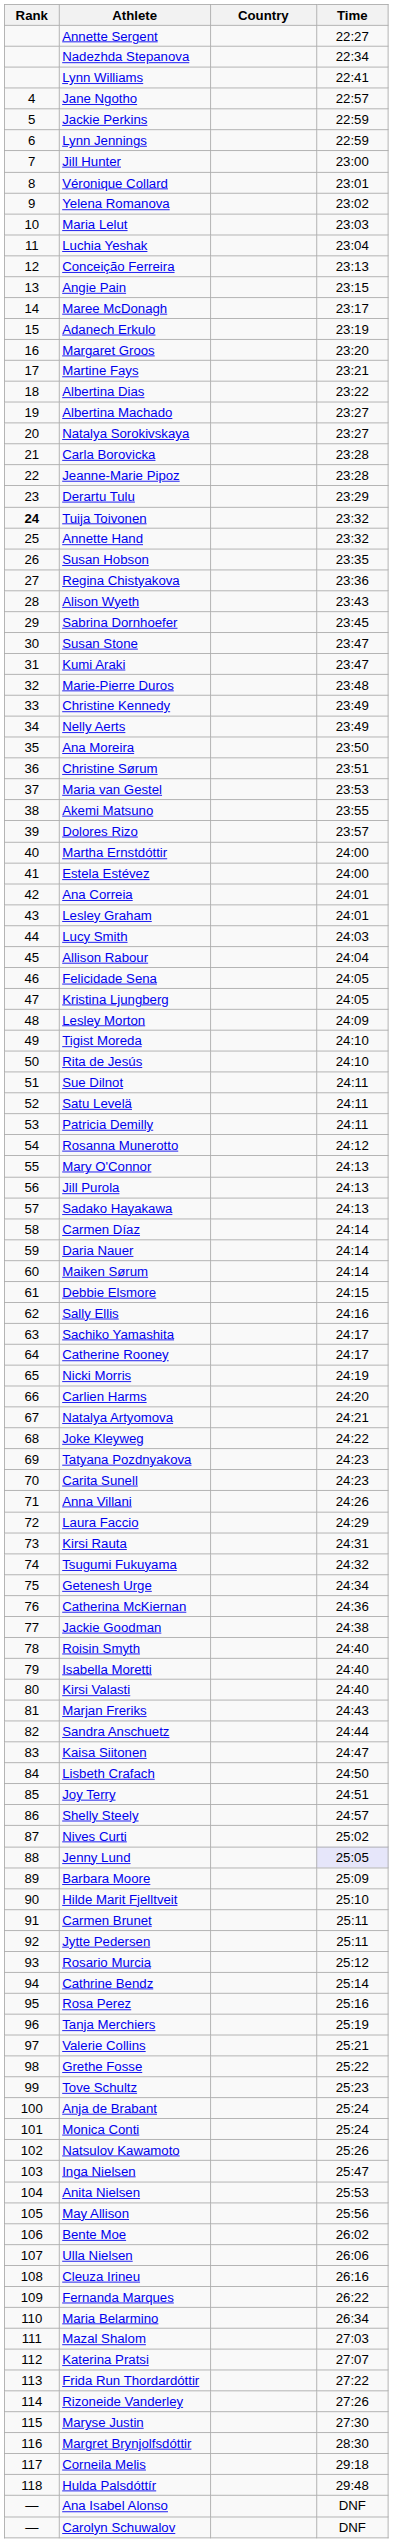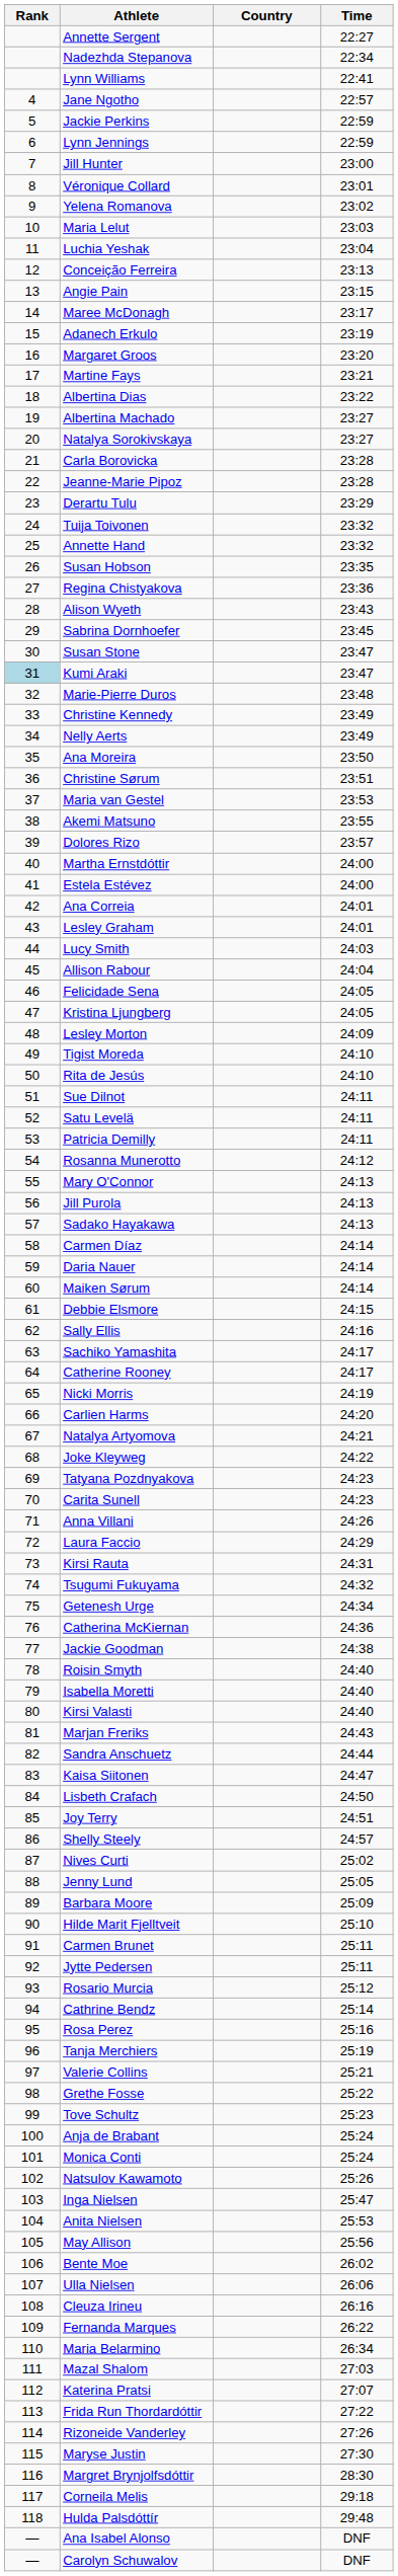 <table class="wikitable sortable" style=" text-align:center; font-size:95%;" width="50%">
 <tr>
 <th width=5%>Rank</th>
 <th width=20%>Athlete</th>
 <th width=15%>Country</th>
 <th width=10%>Time</th>
 </tr>
 <tr>
 <td align=center></td>
 <td align=left><a href='#'>Annette Sergent</a></td>
 <td align=left></td>
 <td>22:27</td>
 </tr>
 <tr>
 <td align=center></td>
 <td align=left><a href='#'>Nadezhda Stepanova</a></td>
 <td align=left></td>
 <td>22:34</td>
 </tr>
 <tr>
 <td align=center></td>
 <td align=left><a href='#'>Lynn Williams</a></td>
 <td align=left></td>
 <td>22:41</td>
 </tr>
 <tr>
 <td align=center>4</td>
 <td align=left><a href='#'>Jane Ngotho</a></td>
 <td align=left></td>
 <td>22:57</td>
 </tr>
 <tr>
 <td align=center>5</td>
 <td align=left><a href='#'>Jackie Perkins</a></td>
 <td align=left></td>
 <td>22:59</td>
 </tr>
 <tr>
 <td align=center>6</td>
 <td align=left><a href='#'>Lynn Jennings</a></td>
 <td align=left></td>
 <td>22:59</td>
 </tr>
 <tr>
 <td align=center>7</td>
 <td align=left><a href='#'>Jill Hunter</a></td>
 <td align=left></td>
 <td>23:00</td>
 </tr>
 <tr>
 <td align=center>8</td>
 <td align=left><a href='#'>Véronique Collard</a></td>
 <td align=left></td>
 <td>23:01</td>
 </tr>
 <tr>
 <td align=center>9</td>
 <td align=left><a href='#'>Yelena Romanova</a></td>
 <td align=left></td>
 <td>23:02</td>
 </tr>
 <tr>
 <td align=center>10</td>
 <td align=left><a href='#'>Maria Lelut</a></td>
 <td align=left></td>
 <td>23:03</td>
 </tr>
 <tr>
 <td align=center>11</td>
 <td align=left><a href='#'>Luchia Yeshak</a></td>
 <td align=left></td>
 <td>23:04</td>
 </tr>
 <tr>
 <td align=center>12</td>
 <td align=left><a href='#'>Conceição Ferreira</a></td>
 <td align=left></td>
 <td>23:13</td>
 </tr>
 <tr>
 <td align=center>13</td>
 <td align=left><a href='#'>Angie Pain</a></td>
 <td align=left></td>
 <td>23:15</td>
 </tr>
 <tr>
 <td align=center>14</td>
 <td align=left><a href='#'>Maree McDonagh</a></td>
 <td align=left></td>
 <td>23:17</td>
 </tr>
 <tr>
 <td align=center>15</td>
 <td align=left><a href='#'>Adanech Erkulo</a></td>
 <td align=left></td>
 <td>23:19</td>
 </tr>
 <tr>
 <td align=center>16</td>
 <td align=left><a href='#'>Margaret Groos</a></td>
 <td align=left></td>
 <td>23:20</td>
 </tr>
 <tr>
 <td align=center>17</td>
 <td align=left><a href='#'>Martine Fays</a></td>
 <td align=left></td>
 <td>23:21</td>
 </tr>
 <tr>
 <td align=center>18</td>
 <td align=left><a href='#'>Albertina Dias</a></td>
 <td align=left></td>
 <td>23:22</td>
 </tr>
 <tr>
 <td align=center>19</td>
 <td align=left><a href='#'>Albertina Machado</a></td>
 <td align=left></td>
 <td>23:27</td>
 </tr>
 <tr>
 <td align=center>20</td>
 <td align=left><a href='#'>Natalya Sorokivskaya</a></td>
 <td align=left></td>
 <td>23:27</td>
 </tr>
 <tr>
 <td align=center>21</td>
 <td align=left><a href='#'>Carla Borovicka</a></td>
 <td align=left></td>
 <td>23:28</td>
 </tr>
 <tr>
 <td align=center>22</td>
 <td align=left><a href='#'>Jeanne-Marie Pipoz</a></td>
 <td align=left></td>
 <td>23:28</td>
 </tr>
 <tr>
 <td align=center>23</td>
 <td align=left><a href='#'>Derartu Tulu</a></td>
 <td align=left></td>
 <td>23:29</td>
 </tr>
 <tr>
-<td align=center><strong>24</strong></td>
+<td align=center>24</td>
 <td align=left><a href='#'>Tuija Toivonen</a></td>
 <td align=left></td>
 <td>23:32</td>
 </tr>
 <tr>
 <td align=center>25</td>
 <td align=left><a href='#'>Annette Hand</a></td>
 <td align=left></td>
 <td>23:32</td>
 </tr>
 <tr>
 <td align=center>26</td>
 <td align=left><a href='#'>Susan Hobson</a></td>
 <td align=left></td>
 <td>23:35</td>
 </tr>
 <tr>
 <td align=center>27</td>
 <td align=left><a href='#'>Regina Chistyakova</a></td>
 <td align=left></td>
 <td>23:36</td>
 </tr>
 <tr>
 <td align=center>28</td>
 <td align=left><a href='#'>Alison Wyeth</a></td>
 <td align=left></td>
 <td>23:43</td>
 </tr>
 <tr>
 <td align=center>29</td>
 <td align=left><a href='#'>Sabrina Dornhoefer</a></td>
 <td align=left></td>
 <td>23:45</td>
 </tr>
 <tr>
 <td align=center>30</td>
 <td align=left><a href='#'>Susan Stone</a></td>
 <td align=left></td>
 <td>23:47</td>
 </tr>
 <tr>
-<td align=center>31</td>
+<td align=center style="background: lightblue;">31</td>
 <td align=left><a href='#'>Kumi Araki</a></td>
 <td align=left></td>
 <td>23:47</td>
 </tr>
 <tr>
 <td align=center>32</td>
 <td align=left><a href='#'>Marie-Pierre Duros</a></td>
 <td align=left></td>
 <td>23:48</td>
 </tr>
 <tr>
 <td align=center>33</td>
 <td align=left><a href='#'>Christine Kennedy</a></td>
 <td align=left></td>
 <td>23:49</td>
 </tr>
 <tr>
 <td align=center>34</td>
 <td align=left><a href='#'>Nelly Aerts</a></td>
 <td align=left></td>
 <td>23:49</td>
 </tr>
 <tr>
 <td align=center>35</td>
 <td align=left><a href='#'>Ana Moreira</a></td>
 <td align=left></td>
 <td>23:50</td>
 </tr>
 <tr>
 <td align=center>36</td>
 <td align=left><a href='#'>Christine Sørum</a></td>
 <td align=left></td>
 <td>23:51</td>
 </tr>
 <tr>
 <td align=center>37</td>
 <td align=left><a href='#'>Maria van Gestel</a></td>
 <td align=left></td>
 <td>23:53</td>
 </tr>
 <tr>
 <td align=center>38</td>
 <td align=left><a href='#'>Akemi Matsuno</a></td>
 <td align=left></td>
 <td>23:55</td>
 </tr>
 <tr>
 <td align=center>39</td>
 <td align=left><a href='#'>Dolores Rizo</a></td>
 <td align=left></td>
 <td>23:57</td>
 </tr>
 <tr>
 <td align=center>40</td>
 <td align=left><a href='#'>Martha Ernstdóttir</a></td>
 <td align=left></td>
 <td>24:00</td>
 </tr>
 <tr>
 <td align=center>41</td>
 <td align=left><a href='#'>Estela Estévez</a></td>
 <td align=left></td>
 <td>24:00</td>
 </tr>
 <tr>
 <td align=center>42</td>
 <td align=left><a href='#'>Ana Correia</a></td>
 <td align=left></td>
 <td>24:01</td>
 </tr>
 <tr>
 <td align=center>43</td>
 <td align=left><a href='#'>Lesley Graham</a></td>
 <td align=left></td>
 <td>24:01</td>
 </tr>
 <tr>
 <td align=center>44</td>
 <td align=left><a href='#'>Lucy Smith</a></td>
 <td align=left></td>
 <td>24:03</td>
 </tr>
 <tr>
 <td align=center>45</td>
 <td align=left><a href='#'>Allison Rabour</a></td>
 <td align=left></td>
 <td>24:04</td>
 </tr>
 <tr>
 <td align=center>46</td>
 <td align=left><a href='#'>Felicidade Sena</a></td>
 <td align=left></td>
 <td>24:05</td>
 </tr>
 <tr>
 <td align=center>47</td>
 <td align=left><a href='#'>Kristina Ljungberg</a></td>
 <td align=left></td>
 <td>24:05</td>
 </tr>
 <tr>
 <td align=center>48</td>
 <td align=left><a href='#'>Lesley Morton</a></td>
 <td align=left></td>
 <td>24:09</td>
 </tr>
 <tr>
 <td align=center>49</td>
 <td align=left><a href='#'>Tigist Moreda</a></td>
 <td align=left></td>
 <td>24:10</td>
 </tr>
 <tr>
 <td align=center>50</td>
 <td align=left><a href='#'>Rita de Jesús</a></td>
 <td align=left></td>
 <td>24:10</td>
 </tr>
 <tr>
 <td align=center>51</td>
 <td align=left><a href='#'>Sue Dilnot</a></td>
 <td align=left></td>
 <td>24:11</td>
 </tr>
 <tr>
 <td align=center>52</td>
 <td align=left><a href='#'>Satu Levelä</a></td>
 <td align=left></td>
 <td>24:11</td>
 </tr>
 <tr>
 <td align=center>53</td>
 <td align=left><a href='#'>Patricia Demilly</a></td>
 <td align=left></td>
 <td>24:11</td>
 </tr>
 <tr>
 <td align=center>54</td>
 <td align=left><a href='#'>Rosanna Munerotto</a></td>
 <td align=left></td>
 <td>24:12</td>
 </tr>
 <tr>
 <td align=center>55</td>
 <td align=left><a href='#'>Mary O'Connor</a></td>
 <td align=left></td>
 <td>24:13</td>
 </tr>
 <tr>
 <td align=center>56</td>
 <td align=left><a href='#'>Jill Purola</a></td>
 <td align=left></td>
 <td>24:13</td>
 </tr>
 <tr>
 <td align=center>57</td>
 <td align=left><a href='#'>Sadako Hayakawa</a></td>
 <td align=left></td>
 <td>24:13</td>
 </tr>
 <tr>
 <td align=center>58</td>
 <td align=left><a href='#'>Carmen Díaz</a></td>
 <td align=left></td>
 <td>24:14</td>
 </tr>
 <tr>
 <td align=center>59</td>
 <td align=left><a href='#'>Daria Nauer</a></td>
 <td align=left></td>
 <td>24:14</td>
 </tr>
 <tr>
 <td align=center>60</td>
 <td align=left><a href='#'>Maiken Sørum</a></td>
 <td align=left></td>
 <td>24:14</td>
 </tr>
 <tr>
 <td align=center>61</td>
 <td align=left><a href='#'>Debbie Elsmore</a></td>
 <td align=left></td>
 <td>24:15</td>
 </tr>
 <tr>
 <td align=center>62</td>
 <td align=left><a href='#'>Sally Ellis</a></td>
 <td align=left></td>
 <td>24:16</td>
 </tr>
 <tr>
 <td align=center>63</td>
 <td align=left><a href='#'>Sachiko Yamashita</a></td>
 <td align=left></td>
 <td>24:17</td>
 </tr>
 <tr>
 <td align=center>64</td>
 <td align=left><a href='#'>Catherine Rooney</a></td>
 <td align=left></td>
 <td>24:17</td>
 </tr>
 <tr>
 <td align=center>65</td>
 <td align=left><a href='#'>Nicki Morris</a></td>
 <td align=left></td>
 <td>24:19</td>
 </tr>
 <tr>
 <td align=center>66</td>
 <td align=left><a href='#'>Carlien Harms</a></td>
 <td align=left></td>
 <td>24:20</td>
 </tr>
 <tr>
 <td align=center>67</td>
 <td align=left><a href='#'>Natalya Artyomova</a></td>
 <td align=left></td>
 <td>24:21</td>
 </tr>
 <tr>
 <td align=center>68</td>
 <td align=left><a href='#'>Joke Kleyweg</a></td>
 <td align=left></td>
 <td>24:22</td>
 </tr>
 <tr>
 <td align=center>69</td>
 <td align=left><a href='#'>Tatyana Pozdnyakova</a></td>
 <td align=left></td>
 <td>24:23</td>
 </tr>
 <tr>
 <td align=center>70</td>
 <td align=left><a href='#'>Carita Sunell</a></td>
 <td align=left></td>
 <td>24:23</td>
 </tr>
 <tr>
 <td align=center>71</td>
 <td align=left><a href='#'>Anna Villani</a></td>
 <td align=left></td>
 <td>24:26</td>
 </tr>
 <tr>
 <td align=center>72</td>
 <td align=left><a href='#'>Laura Faccio</a></td>
 <td align=left></td>
 <td>24:29</td>
 </tr>
 <tr>
 <td align=center>73</td>
 <td align=left><a href='#'>Kirsi Rauta</a></td>
 <td align=left></td>
 <td>24:31</td>
 </tr>
 <tr>
 <td align=center>74</td>
 <td align=left><a href='#'>Tsugumi Fukuyama</a></td>
 <td align=left></td>
 <td>24:32</td>
 </tr>
 <tr>
 <td align=center>75</td>
 <td align=left><a href='#'>Getenesh Urge</a></td>
 <td align=left></td>
 <td>24:34</td>
 </tr>
 <tr>
 <td align=center>76</td>
 <td align=left><a href='#'>Catherina McKiernan</a></td>
 <td align=left></td>
 <td>24:36</td>
 </tr>
 <tr>
 <td align=center>77</td>
 <td align=left><a href='#'>Jackie Goodman</a></td>
 <td align=left></td>
 <td>24:38</td>
 </tr>
 <tr>
 <td align=center>78</td>
 <td align=left><a href='#'>Roisin Smyth</a></td>
 <td align=left></td>
 <td>24:40</td>
 </tr>
 <tr>
 <td align=center>79</td>
 <td align=left><a href='#'>Isabella Moretti</a></td>
 <td align=left></td>
 <td>24:40</td>
 </tr>
 <tr>
 <td align=center>80</td>
 <td align=left><a href='#'>Kirsi Valasti</a></td>
 <td align=left></td>
 <td>24:40</td>
 </tr>
 <tr>
 <td align=center>81</td>
 <td align=left><a href='#'>Marjan Freriks</a></td>
 <td align=left></td>
 <td>24:43</td>
 </tr>
 <tr>
 <td align=center>82</td>
 <td align=left><a href='#'>Sandra Anschuetz</a></td>
 <td align=left></td>
 <td>24:44</td>
 </tr>
 <tr>
 <td align=center>83</td>
 <td align=left><a href='#'>Kaisa Siitonen</a></td>
 <td align=left></td>
 <td>24:47</td>
 </tr>
 <tr>
 <td align=center>84</td>
 <td align=left><a href='#'>Lisbeth Crafach</a></td>
 <td align=left></td>
 <td>24:50</td>
 </tr>
 <tr>
 <td align=center>85</td>
 <td align=left><a href='#'>Joy Terry</a></td>
 <td align=left></td>
 <td>24:51</td>
 </tr>
 <tr>
 <td align=center>86</td>
 <td align=left><a href='#'>Shelly Steely</a></td>
 <td align=left></td>
 <td>24:57</td>
 </tr>
 <tr>
 <td align=center>87</td>
 <td align=left><a href='#'>Nives Curti</a></td>
 <td align=left></td>
 <td>25:02</td>
 </tr>
 <tr>
 <td align=center>88</td>
 <td align=left><a href='#'>Jenny Lund</a></td>
 <td align=left></td>
-<td style="background: lavender;">25:05</td>
+<td>25:05</td>
 </tr>
 <tr>
 <td align=center>89</td>
 <td align=left><a href='#'>Barbara Moore</a></td>
 <td align=left></td>
 <td>25:09</td>
 </tr>
 <tr>
 <td align=center>90</td>
 <td align=left><a href='#'>Hilde Marit Fjelltveit</a></td>
 <td align=left></td>
 <td>25:10</td>
 </tr>
 <tr>
 <td align=center>91</td>
 <td align=left><a href='#'>Carmen Brunet</a></td>
 <td align=left></td>
 <td>25:11</td>
 </tr>
 <tr>
 <td align=center>92</td>
 <td align=left><a href='#'>Jytte Pedersen</a></td>
 <td align=left></td>
 <td>25:11</td>
 </tr>
 <tr>
 <td align=center>93</td>
 <td align=left><a href='#'>Rosario Murcia</a></td>
 <td align=left></td>
 <td>25:12</td>
 </tr>
 <tr>
 <td align=center>94</td>
 <td align=left><a href='#'>Cathrine Bendz</a></td>
 <td align=left></td>
 <td>25:14</td>
 </tr>
 <tr>
 <td align=center>95</td>
 <td align=left><a href='#'>Rosa Perez</a></td>
 <td align=left></td>
 <td>25:16</td>
 </tr>
 <tr>
 <td align=center>96</td>
 <td align=left><a href='#'>Tanja Merchiers</a></td>
 <td align=left></td>
 <td>25:19</td>
 </tr>
 <tr>
 <td align=center>97</td>
 <td align=left><a href='#'>Valerie Collins</a></td>
 <td align=left></td>
 <td>25:21</td>
 </tr>
 <tr>
 <td align=center>98</td>
 <td align=left><a href='#'>Grethe Fosse</a></td>
 <td align=left></td>
 <td>25:22</td>
 </tr>
 <tr>
 <td align=center>99</td>
 <td align=left><a href='#'>Tove Schultz</a></td>
 <td align=left></td>
 <td>25:23</td>
 </tr>
 <tr>
 <td align=center>100</td>
 <td align=left><a href='#'>Anja de Brabant</a></td>
 <td align=left></td>
 <td>25:24</td>
 </tr>
 <tr>
 <td align=center>101</td>
 <td align=left><a href='#'>Monica Conti</a></td>
 <td align=left></td>
 <td>25:24</td>
 </tr>
 <tr>
 <td align=center>102</td>
 <td align=left><a href='#'>Natsulov Kawamoto</a></td>
 <td align=left></td>
 <td>25:26</td>
 </tr>
 <tr>
 <td align=center>103</td>
 <td align=left><a href='#'>Inga Nielsen</a></td>
 <td align=left></td>
 <td>25:47</td>
 </tr>
 <tr>
 <td align=center>104</td>
 <td align=left><a href='#'>Anita Nielsen</a></td>
 <td align=left></td>
 <td>25:53</td>
 </tr>
 <tr>
 <td align=center>105</td>
 <td align=left><a href='#'>May Allison</a></td>
 <td align=left></td>
 <td>25:56</td>
 </tr>
 <tr>
 <td align=center>106</td>
 <td align=left><a href='#'>Bente Moe</a></td>
 <td align=left></td>
 <td>26:02</td>
 </tr>
 <tr>
 <td align=center>107</td>
 <td align=left><a href='#'>Ulla Nielsen</a></td>
 <td align=left></td>
 <td>26:06</td>
 </tr>
 <tr>
 <td align=center>108</td>
 <td align=left><a href='#'>Cleuza Irineu</a></td>
 <td align=left></td>
 <td>26:16</td>
 </tr>
 <tr>
 <td align=center>109</td>
 <td align=left><a href='#'>Fernanda Marques</a></td>
 <td align=left></td>
 <td>26:22</td>
 </tr>
 <tr>
 <td align=center>110</td>
 <td align=left><a href='#'>Maria Belarmino</a></td>
 <td align=left></td>
 <td>26:34</td>
 </tr>
 <tr>
 <td align=center>111</td>
 <td align=left><a href='#'>Mazal Shalom</a></td>
 <td align=left></td>
 <td>27:03</td>
 </tr>
 <tr>
 <td align=center>112</td>
 <td align=left><a href='#'>Katerina Pratsi</a></td>
 <td align=left></td>
 <td>27:07</td>
 </tr>
 <tr>
 <td align=center>113</td>
 <td align=left><a href='#'>Frida Run Thordardóttir</a></td>
 <td align=left></td>
 <td>27:22</td>
 </tr>
 <tr>
 <td align=center>114</td>
 <td align=left><a href='#'>Rizoneide Vanderley</a></td>
 <td align=left></td>
 <td>27:26</td>
 </tr>
 <tr>
 <td align=center>115</td>
 <td align=left><a href='#'>Maryse Justin</a></td>
 <td align=left></td>
 <td>27:30</td>
 </tr>
 <tr>
 <td align=center>116</td>
 <td align=left><a href='#'>Margret Brynjolfsdóttir</a></td>
 <td align=left></td>
 <td>28:30</td>
 </tr>
 <tr>
 <td align=center>117</td>
 <td align=left><a href='#'>Corneila Melis</a></td>
 <td align=left></td>
 <td>29:18</td>
 </tr>
 <tr>
 <td align=center>118</td>
 <td align=left><a href='#'>Hulda Palsdóttír</a></td>
 <td align=left></td>
 <td>29:48</td>
 </tr>
 <tr>
 <td align=center>—</td>
 <td align=left><a href='#'>Ana Isabel Alonso</a></td>
 <td align=left></td>
 <td>DNF</td>
 </tr>
 <tr>
 <td align=center>—</td>
 <td align=left><a href='#'>Carolyn Schuwalov</a></td>
 <td align=left></td>
 <td>DNF</td>
 </tr>
 </table>
